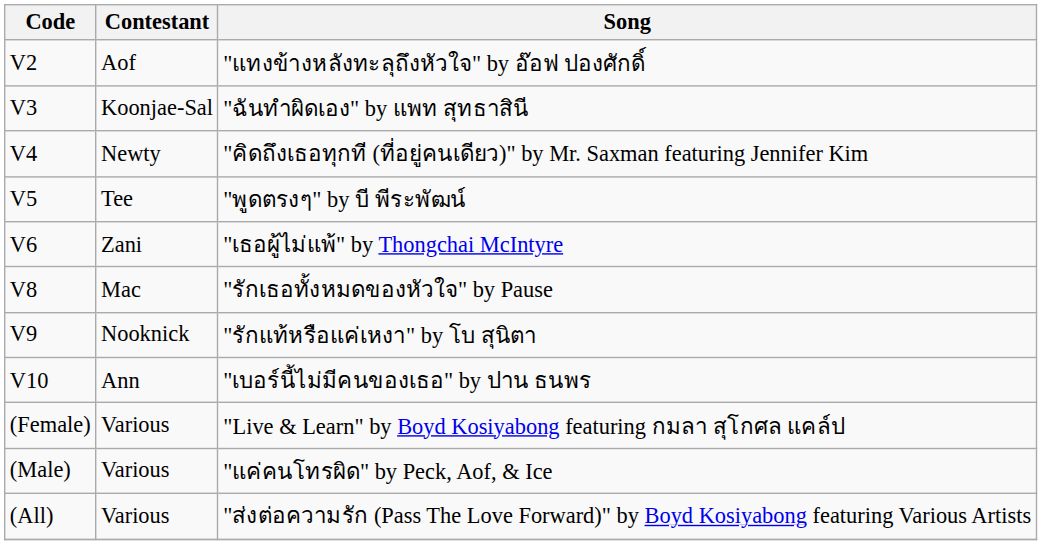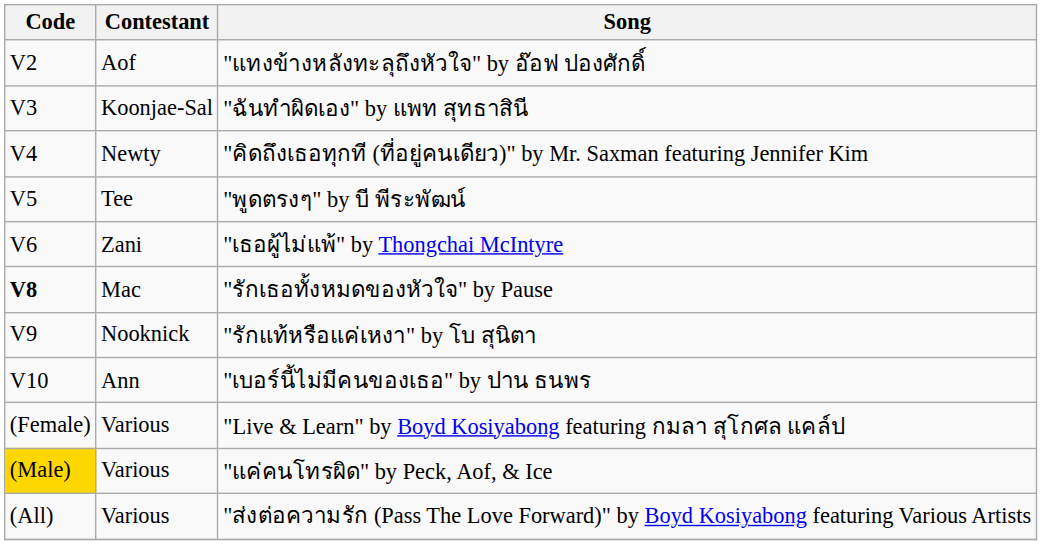 <table class="wikitable">
 <tr>
 <th>Code</th>
 <th>Contestant</th>
 <th>Song</th>
 </tr>
 <tr>
 <td>V2</td>
 <td>Aof</td>
 <td>"แทงข้างหลังทะลุถึงหัวใจ" by อ๊อฟ ปองศักดิ์</td>
 </tr>
 <tr>
 <td>V3</td>
 <td>Koonjae-Sal</td>
 <td>"ฉันทำผิดเอง" by แพท สุทธาสินี</td>
 </tr>
 <tr>
 <td>V4</td>
 <td>Newty</td>
 <td>"คิดถึงเธอทุกที (ที่อยู่คนเดียว)" by Mr. Saxman featuring Jennifer Kim</td>
 </tr>
 <tr>
 <td>V5</td>
 <td>Tee</td>
 <td>"พูดตรงๆ" by บี พีระพัฒน์</td>
 </tr>
 <tr>
 <td>V6</td>
 <td>Zani</td>
 <td>"เธอผู้ไม่แพ้" by <a href='#'>Thongchai McIntyre</a></td>
 </tr>
 <tr>
-<td>V8</td>
+<td><strong>V8</strong></td>
 <td>Mac</td>
 <td>"รักเธอทั้งหมดของหัวใจ" by Pause</td>
 </tr>
 <tr>
 <td>V9</td>
 <td>Nooknick</td>
 <td>"รักแท้หรือแค่เหงา" by โบ สุนิตา</td>
 </tr>
 <tr>
 <td>V10</td>
 <td>Ann</td>
 <td>"เบอร์นี้ไม่มีคนของเธอ" by ปาน ธนพร</td>
 </tr>
 <tr>
 <td>(Female)</td>
 <td>Various</td>
 <td>"Live & Learn" by <a href='#'>Boyd Kosiyabong</a> featuring กมลา สุโกศล แคล์ป</td>
 </tr>
 <tr>
-<td>(Male)</td>
+<td style="background: gold;">(Male)</td>
 <td>Various</td>
 <td>"แค่คนโทรผิด" by Peck, Aof, & Ice</td>
 </tr>
 <tr>
 <td>(All)</td>
 <td>Various</td>
 <td>"ส่งต่อความรัก (Pass The Love Forward)" by <a href='#'>Boyd Kosiyabong</a> featuring Various Artists</td>
 </tr>
 <tr>
 </tr>
 </table>
